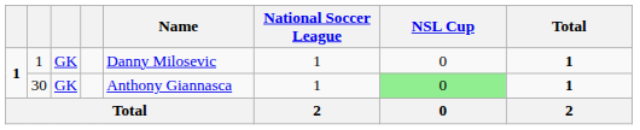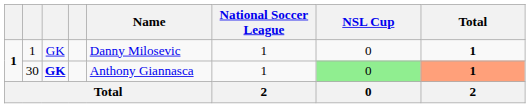 <table class="wikitable" style="text-align:center">
 <tr>
 <th width=15></th>
 <th width=15></th>
 <th width=15></th>
 <th width=15></th>
 <th width=145>Name</th>
 <th width=120><a href='#'>National Soccer League</a></th>
 <th width=120><a href='#'>NSL Cup</a></th>
 <th width=120>Total</th>
 </tr>
 <tr>
 <td rowspan="2"><strong>1</strong></td>
 <td>1</td>
 <td><a href='#'>GK</a></td>
 <td></td>
 <td align=left><a href='#'>Danny Milosevic</a></td>
 <td>1</td>
 <td>0</td>
 <td><strong>1</strong></td>
 </tr>
 <tr>
 <td>30</td>
-<td><a href='#'>GK</a></td>
+<td><strong><a href='#'>GK</a></strong></td>
 <td></td>
 <td align=left><a href='#'>Anthony Giannasca</a></td>
 <td>1</td>
 <td style="background: lightgreen;">0</td>
-<td><strong>1</strong></td>
+<td style="background: lightsalmon;"><strong>1</strong></td>
 </tr>
 <tr>
 <th colspan="5"><strong>Total</strong></th>
 <th>2</th>
 <th>0</th>
 <th>2</th>
 </tr>
 </table>
